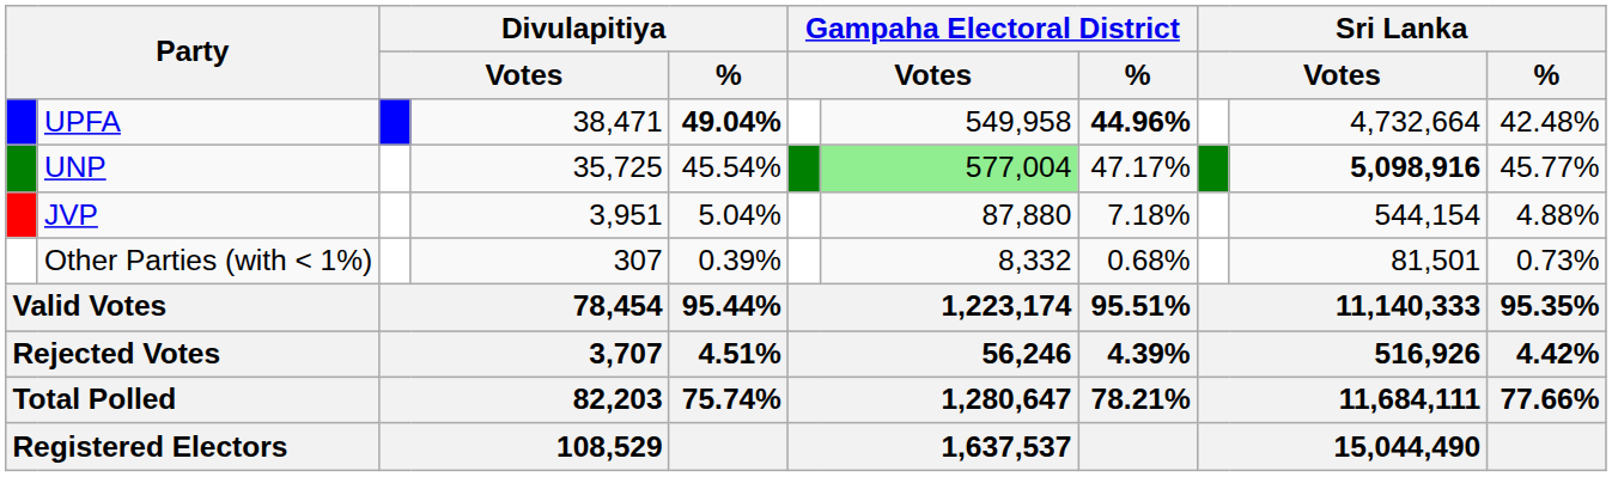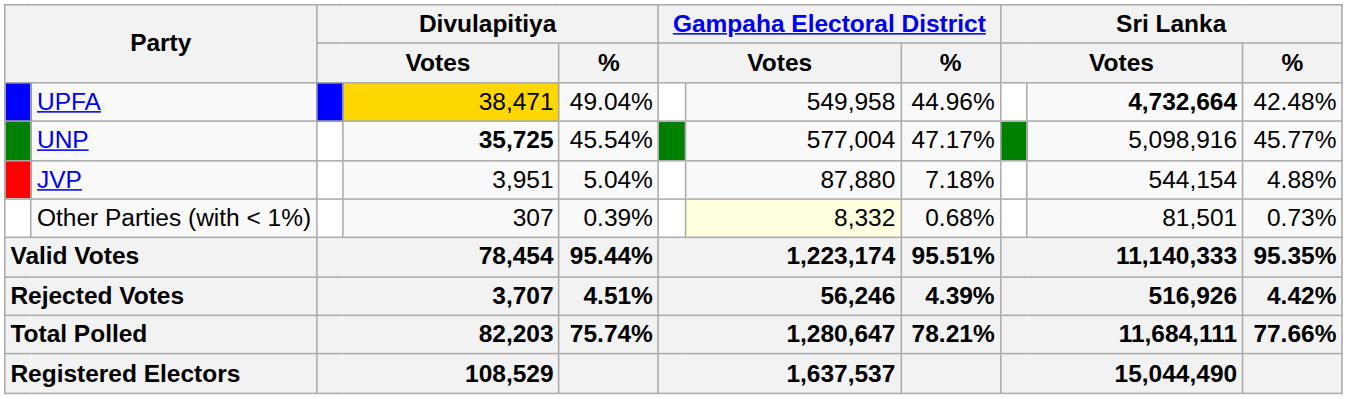 <table class="wikitable">
 <tr>
 <th colspan="2" width="144px"rowspan="2">Party</th>
 <th colspan="3" width="216px">Divulapitiya</th>
 <th colspan="3" width="216px"><a href='#'>Gampaha Electoral District</a></th>
 <th colspan="3" width="216px">Sri Lanka</th>
 </tr>
 <tr>
 <th colspan="2" width="144px">Votes</th>
 <th>%</th>
 <th colspan="2" width="144px">Votes</th>
 <th>%</th>
 <th colspan="2" width="144px">Votes</th>
 <th>%</th>
 </tr>
 <tr>
 <td style="background-color:blue;" width="10px"></td>
 <td style="text-align:left;"><a href='#'>UPFA</a></td>
 <td style="background-color:blue;" width="10px"></td>
-<td style="text-align:right;">38,471</td>
-<td style="text-align:right;"><strong>49.04%</strong></td>
+<td style="background: gold; text-align:right;">38,471</td>
+<td style="text-align:right;">49.04%</td>
 <td style="background-color:white;" width="10px"></td>
 <td style="text-align:right;">549,958</td>
-<td style="text-align:right;"><strong>44.96%</strong></td>
+<td style="text-align:right;">44.96%</td>
 <td style="background-color:white;" width="10px"></td>
-<td style="text-align:right;">4,732,664</td>
+<td style="text-align:right;"><strong>4,732,664</strong></td>
 <td style="text-align:right;">42.48%</td>
 </tr>
 <tr>
 <td style="background-color:green;" width="10px"></td>
 <td style="text-align:left;"><a href='#'>UNP</a></td>
 <td style="background-color:white;" width="10px"></td>
-<td style="text-align:right;">35,725</td>
+<td style="text-align:right;"><strong>35,725</strong></td>
 <td style="text-align:right;">45.54%</td>
 <td style="background-color:green;" width="10px"></td>
-<td style="background: lightgreen; text-align:right;">577,004</td>
+<td style="text-align:right;">577,004</td>
 <td style="text-align:right;">47.17%</td>
 <td style="background-color:green;" width="10px"></td>
-<td style="text-align:right;"><strong>5,098,916</strong></td>
+<td style="text-align:right;">5,098,916</td>
 <td style="text-align:right;">45.77%</td>
 </tr>
 <tr>
 <td style="background-color:red;" width="10px"></td>
 <td style="text-align:left;"><a href='#'>JVP</a></td>
 <td style="background-color:white;" width="10px"></td>
 <td style="text-align:right;">3,951</td>
 <td style="text-align:right;">5.04%</td>
 <td style="background-color:white;" width="10px"></td>
 <td style="text-align:right;">87,880</td>
 <td style="text-align:right;">7.18%</td>
 <td style="background-color:white;" width="10px"></td>
 <td style="text-align:right;">544,154</td>
 <td style="text-align:right;">4.88%</td>
 </tr>
 <tr>
 <td style="background-color:white;" width="10px"></td>
 <td style="text-align:left;">Other Parties (with < 1%)</td>
 <td style="background-color:white;" width="10px"></td>
 <td style="text-align:right;">307</td>
 <td style="text-align:right;">0.39%</td>
 <td style="background-color:white;" width="10px"></td>
-<td style="text-align:right;">8,332</td>
+<td style="background: lightyellow; text-align:right;">8,332</td>
 <td style="text-align:right;">0.68%</td>
 <td style="background-color:white;" width="10px"></td>
 <td style="text-align:right;">81,501</td>
 <td style="text-align:right;">0.73%</td>
 </tr>
 <tr>
 <th colspan="2" width="144px"style="text-align:left;">Valid Votes</th>
 <th style="text-align:right;"colspan="2" width="144px">78,454</th>
 <th style="text-align:right;">95.44%</th>
 <th style="text-align:right;"colspan="2" width="144px">1,223,174</th>
 <th style="text-align:right;">95.51%</th>
 <th style="text-align:right;"colspan="2" width="144px">11,140,333</th>
 <th style="text-align:right;">95.35%</th>
 </tr>
 <tr>
 <th colspan="2" width="144px"style="text-align:left;">Rejected Votes</th>
 <th style="text-align:right;"colspan="2" width="144px">3,707</th>
 <th style="text-align:right;">4.51%</th>
 <th style="text-align:right;"colspan="2" width="144px">56,246</th>
 <th style="text-align:right;">4.39%</th>
 <th style="text-align:right;"colspan="2" width="144px">516,926</th>
 <th style="text-align:right;">4.42%</th>
 </tr>
 <tr>
 <th colspan="2" width="144px"style="text-align:left;">Total Polled</th>
 <th style="text-align:right;"colspan="2" width="144px">82,203</th>
 <th style="text-align:right;">75.74%</th>
 <th style="text-align:right;"colspan="2" width="144px">1,280,647</th>
 <th style="text-align:right;">78.21%</th>
 <th style="text-align:right;"colspan="2" width="144px">11,684,111</th>
 <th style="text-align:right;">77.66%</th>
 </tr>
 <tr>
 <th colspan="2" width="144px"style="text-align:left;">Registered Electors</th>
 <th style="text-align:right;"colspan="2" width="144px">108,529</th>
 <th></th>
 <th style="text-align:right;"colspan="2" width="144px">1,637,537</th>
 <th></th>
 <th style="text-align:right;"colspan="2" width="144px">15,044,490</th>
 <th></th>
 </tr>
 </table>
